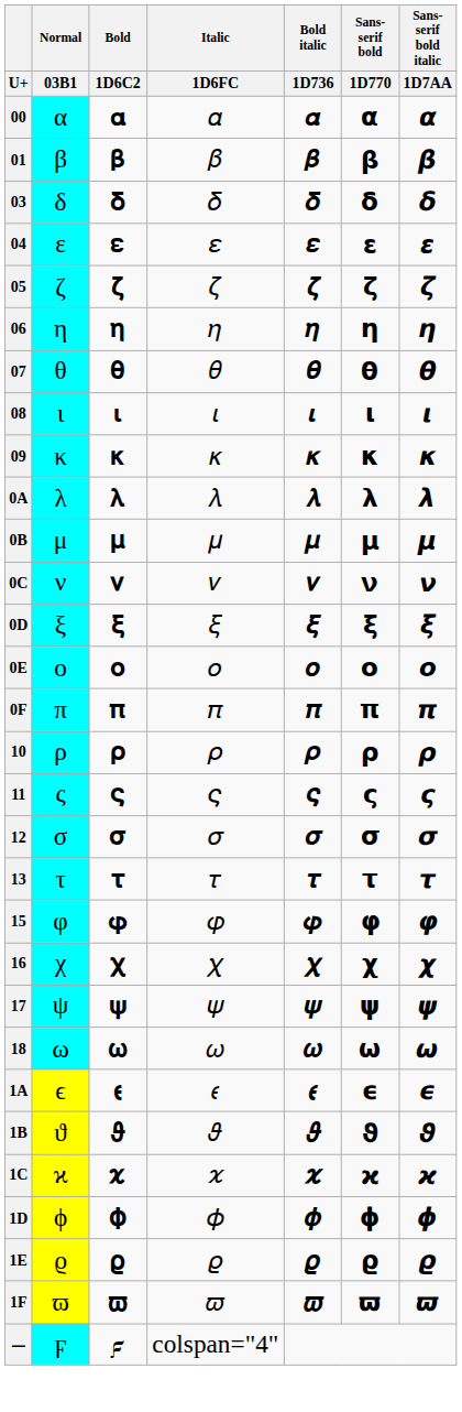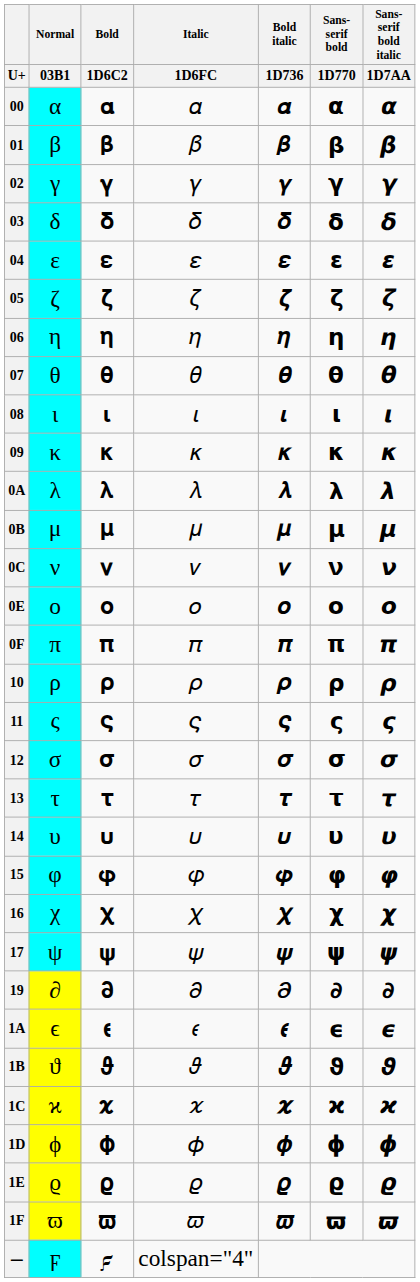 <table class="wikitable" style="text-align: center; font-size: 160%;">
 <tr style="font-size: 50%">
 <th></th>
 <th style="width:4em">Normal</th>
 <th style="width:4em">Bold</th>
 <th style="width:4em">Italic</th>
 <th style="width:4em">Bold<br>italic</th>
 <th style="width:4em">Sans-<br>serif<br>bold</th>
 <th style="width:4em">Sans-<br>serif<br>bold<br>italic</th>
 </tr>
 <tr style="font-size: 60%">
 <th>U+</th>
 <th>03B1</th>
 <th>1D6C2</th>
 <th>1D6FC</th>
 <th>1D736</th>
 <th>1D770</th>
 <th>1D7AA</th>
 </tr>
 <tr>
 <th style="font-size:60%;">00</th>
 <td style="font-family:serif; background:aqua" title="U+03B1: GREEK SMALL LETTER ALPHA">α</td>
 <td title="U+1D6C2: MATHEMATICAL BOLD SMALL ALPHA">𝛂</td>
 <td title="U+1D6FC: MATHEMATICAL ITALIC SMALL ALPHA">𝛼</td>
 <td title="U+1D736: MATHEMATICAL BOLD ITALIC SMALL ALPHA">𝜶</td>
 <td title="U+1D770: MATHEMATICAL SANS-SERIF BOLD SMALL ALPHA">𝝰</td>
 <td title="U+1D7AA: MATHEMATICAL SANS-SERIF BOLD ITALIC SMALL ALPHA">𝞪</td>
 </tr>
 <tr>
 <th style="font-size:60%;">01</th>
 <td style="font-family:serif; background:aqua" title="U+03B2: GREEK SMALL LETTER BETA">β</td>
 <td title="U+1D6C3: MATHEMATICAL BOLD SMALL BETA">𝛃</td>
 <td title="U+1D6FD: MATHEMATICAL ITALIC SMALL BETA">𝛽</td>
 <td title="U+1D737: MATHEMATICAL BOLD ITALIC SMALL BETA">𝜷</td>
 <td title="U+1D771: MATHEMATICAL SANS-SERIF BOLD SMALL BETA">𝝱</td>
 <td title="U+1D7AB: MATHEMATICAL SANS-SERIF BOLD ITALIC SMALL BETA">𝞫</td>
+</tr>
+<tr>
+<th style="font-size:60%;">02</th>
+<td style="font-family:serif; background:aqua" title="U+03B3: GREEK SMALL LETTER GAMMA">γ</td>
+<td title="U+1D6C4: MATHEMATICAL BOLD SMALL GAMMA">𝛄</td>
+<td title="U+1D6FE: MATHEMATICAL ITALIC SMALL GAMMA">𝛾</td>
+<td title="U+1D738: MATHEMATICAL BOLD ITALIC SMALL GAMMA">𝜸</td>
+<td title="U+1D772: MATHEMATICAL SANS-SERIF BOLD SMALL GAMMA">𝝲</td>
+<td title="U+1D7AC: MATHEMATICAL SANS-SERIF BOLD ITALIC SMALL GAMMA">𝞬</td>
 </tr>
 <tr>
 <th style="font-size:60%;">03</th>
 <td style="font-family:serif; background:aqua" title="U+03B4: GREEK SMALL LETTER DELTA">δ</td>
 <td title="U+1D6C5: MATHEMATICAL BOLD SMALL DELTA">𝛅</td>
 <td title="U+1D6FF: MATHEMATICAL ITALIC SMALL DELTA">𝛿</td>
 <td title="U+1D739: MATHEMATICAL BOLD ITALIC SMALL DELTA">𝜹</td>
 <td title="U+1D773: MATHEMATICAL SANS-SERIF BOLD SMALL DELTA">𝝳</td>
 <td title="U+1D7AD: MATHEMATICAL SANS-SERIF BOLD ITALIC SMALL DELTA">𝞭</td>
 </tr>
 <tr>
 <th style="font-size:60%;">04</th>
 <td style="font-family:serif; background:aqua" title="U+03B5: GREEK SMALL LETTER EPSILON">ε</td>
 <td title="U+1D6C6: MATHEMATICAL BOLD SMALL EPSILON">𝛆</td>
 <td title="U+1D700: MATHEMATICAL ITALIC SMALL EPSILON">𝜀</td>
 <td title="U+1D73A: MATHEMATICAL BOLD ITALIC SMALL EPSILON">𝜺</td>
 <td title="U+1D774: MATHEMATICAL SANS-SERIF BOLD SMALL EPSILON">𝝴</td>
 <td title="U+1D7AE: MATHEMATICAL SANS-SERIF BOLD ITALIC SMALL EPSILON">𝞮</td>
 </tr>
 <tr>
 <th style="font-size:60%;">05</th>
 <td style="font-family:serif; background:aqua" title="U+03B6: GREEK SMALL LETTER ZETA">ζ</td>
 <td title="U+1D6C7: MATHEMATICAL BOLD SMALL ZETA">𝛇</td>
 <td title="U+1D701: MATHEMATICAL ITALIC SMALL ZETA">𝜁</td>
 <td title="U+1D73B: MATHEMATICAL BOLD ITALIC SMALL ZETA">𝜻</td>
 <td title="U+1D775: MATHEMATICAL SANS-SERIF BOLD SMALL ZETA">𝝵</td>
 <td title="U+1D7AF: MATHEMATICAL SANS-SERIF BOLD ITALIC SMALL ZETA">𝞯</td>
 </tr>
 <tr>
 <th style="font-size:60%;">06</th>
 <td style="font-family:serif; background:aqua" title="U+03B7: GREEK SMALL LETTER ETA">η</td>
 <td title="U+1D6C8: MATHEMATICAL BOLD SMALL ETA">𝛈</td>
 <td title="U+1D702: MATHEMATICAL ITALIC SMALL ETA">𝜂</td>
 <td title="U+1D73C: MATHEMATICAL BOLD ITALIC SMALL ETA">𝜼</td>
 <td title="U+1D776: MATHEMATICAL SANS-SERIF BOLD SMALL ETA">𝝶</td>
 <td title="U+1D7B0: MATHEMATICAL SANS-SERIF BOLD ITALIC SMALL ETA">𝞰</td>
 </tr>
 <tr>
 <th style="font-size:60%;">07</th>
 <td style="font-family:serif; background:aqua" title="U+03B8: GREEK SMALL LETTER THETA">θ</td>
 <td title="U+1D6C9: MATHEMATICAL BOLD SMALL THETA">𝛉</td>
 <td title="U+1D703: MATHEMATICAL ITALIC SMALL THETA">𝜃</td>
 <td title="U+1D73D: MATHEMATICAL BOLD ITALIC SMALL THETA">𝜽</td>
 <td title="U+1D777: MATHEMATICAL SANS-SERIF BOLD SMALL THETA">𝝷</td>
 <td title="U+1D7B1: MATHEMATICAL SANS-SERIF BOLD ITALIC SMALL THETA">𝞱</td>
 </tr>
 <tr>
 <th style="font-size:60%;">08</th>
 <td style="font-family:serif; background:aqua" title="U+03B9: GREEK SMALL LETTER IOTA">ι</td>
 <td title="U+1D6CA: MATHEMATICAL BOLD SMALL IOTA">𝛊</td>
 <td title="U+1D704: MATHEMATICAL ITALIC SMALL IOTA">𝜄</td>
 <td title="U+1D73E: MATHEMATICAL BOLD ITALIC SMALL IOTA">𝜾</td>
 <td title="U+1D778: MATHEMATICAL SANS-SERIF BOLD SMALL IOTA">𝝸</td>
 <td title="U+1D7B2: MATHEMATICAL SANS-SERIF BOLD ITALIC SMALL IOTA">𝞲</td>
 </tr>
 <tr>
 <th style="font-size:60%;">09</th>
 <td style="font-family:serif; background:aqua" title="U+03BA: GREEK SMALL LETTER KAPPA">κ</td>
 <td title="U+1D6CB: MATHEMATICAL BOLD SMALL KAPPA">𝛋</td>
 <td title="U+1D705: MATHEMATICAL ITALIC SMALL KAPPA">𝜅</td>
 <td title="U+1D73F: MATHEMATICAL BOLD ITALIC SMALL KAPPA">𝜿</td>
 <td title="U+1D779: MATHEMATICAL SANS-SERIF BOLD SMALL KAPPA">𝝹</td>
 <td title="U+1D7B3: MATHEMATICAL SANS-SERIF BOLD ITALIC SMALL KAPPA">𝞳</td>
 </tr>
 <tr>
 <th style="font-size:60%;">0A</th>
 <td style="font-family:serif; background:aqua" title="U+03BB: GREEK SMALL LETTER LAMDA">λ</td>
 <td title="U+1D6CC: MATHEMATICAL BOLD SMALL LAMDA">𝛌</td>
 <td title="U+1D706: MATHEMATICAL ITALIC SMALL LAMDA">𝜆</td>
 <td title="U+1D740: MATHEMATICAL BOLD ITALIC SMALL LAMDA">𝝀</td>
 <td title="U+1D77A: MATHEMATICAL SANS-SERIF BOLD SMALL LAMDA">𝝺</td>
 <td title="U+1D7B4: MATHEMATICAL SANS-SERIF BOLD ITALIC SMALL LAMDA">𝞴</td>
 </tr>
 <tr>
 <th style="font-size:60%;">0B</th>
 <td style="font-family:serif; background:aqua" title="U+03BC: GREEK SMALL LETTER MU">μ</td>
 <td title="U+1D6CD: MATHEMATICAL BOLD SMALL MU">𝛍</td>
 <td title="U+1D707: MATHEMATICAL ITALIC SMALL MU">𝜇</td>
 <td title="U+1D741: MATHEMATICAL BOLD ITALIC SMALL MU">𝝁</td>
 <td title="U+1D77B: MATHEMATICAL SANS-SERIF BOLD SMALL MU">𝝻</td>
 <td title="U+1D7B5: MATHEMATICAL SANS-SERIF BOLD ITALIC SMALL MU">𝞵</td>
 </tr>
 <tr>
 <th style="font-size:60%;">0C</th>
 <td style="font-family:serif; background:aqua" title="U+03BD: GREEK SMALL LETTER NU">ν</td>
 <td title="U+1D6CE: MATHEMATICAL BOLD SMALL NU">𝛎</td>
 <td title="U+1D708: MATHEMATICAL ITALIC SMALL NU">𝜈</td>
 <td title="U+1D742: MATHEMATICAL BOLD ITALIC SMALL NU">𝝂</td>
 <td title="U+1D77C: MATHEMATICAL SANS-SERIF BOLD SMALL NU">𝝼</td>
 <td title="U+1D7B6: MATHEMATICAL SANS-SERIF BOLD ITALIC SMALL NU">𝞶</td>
 </tr>
 <tr>
-<th style="font-size:60%;">0D</th>
-<td style="font-family:serif; background:aqua" title="U+03BE: GREEK SMALL LETTER XI">ξ</td>
-<td title="U+1D6CF: MATHEMATICAL BOLD SMALL XI">𝛏</td>
-<td title="U+1D709: MATHEMATICAL ITALIC SMALL XI">𝜉</td>
-<td title="U+1D743: MATHEMATICAL BOLD ITALIC SMALL XI">𝝃</td>
-<td title="U+1D77D: MATHEMATICAL SANS-SERIF BOLD SMALL XI">𝝽</td>
-<td title="U+1D7B7: MATHEMATICAL SANS-SERIF BOLD ITALIC SMALL XI">𝞷</td>
-</tr>
-<tr>
 <th style="font-size:60%;">0E</th>
 <td style="font-family:serif; background:aqua" title="U+03BF: GREEK SMALL LETTER OMICRON">ο</td>
 <td title="U+1D6D0: MATHEMATICAL BOLD SMALL OMICRON">𝛐</td>
 <td title="U+1D70A: MATHEMATICAL ITALIC SMALL OMICRON">𝜊</td>
 <td title="U+1D744: MATHEMATICAL BOLD ITALIC SMALL OMICRON">𝝄</td>
 <td title="U+1D77E: MATHEMATICAL SANS-SERIF BOLD SMALL OMICRON">𝝾</td>
 <td title="U+1D7B8: MATHEMATICAL SANS-SERIF BOLD ITALIC SMALL OMICRON">𝞸</td>
 </tr>
 <tr>
 <th style="font-size:60%;">0F</th>
 <td style="font-family:serif; background:aqua" title="U+03C0: GREEK SMALL LETTER PI">π</td>
 <td title="U+1D6D1: MATHEMATICAL BOLD SMALL PI">𝛑</td>
 <td title="U+1D70B: MATHEMATICAL ITALIC SMALL PI">𝜋</td>
 <td title="U+1D745: MATHEMATICAL BOLD ITALIC SMALL PI">𝝅</td>
 <td title="U+1D77F: MATHEMATICAL SANS-SERIF BOLD SMALL PI">𝝿</td>
 <td title="U+1D7B9: MATHEMATICAL SANS-SERIF BOLD ITALIC SMALL PI">𝞹</td>
 </tr>
 <tr>
 <th style="font-size:60%;">10</th>
 <td style="font-family:serif; background:aqua" title="U+03C1: GREEK SMALL LETTER RHO">ρ</td>
 <td title="U+1D6D2: MATHEMATICAL BOLD SMALL RHO">𝛒</td>
 <td title="U+1D70C: MATHEMATICAL ITALIC SMALL RHO">𝜌</td>
 <td title="U+1D746: MATHEMATICAL BOLD ITALIC SMALL RHO">𝝆</td>
 <td title="U+1D780: MATHEMATICAL SANS-SERIF BOLD SMALL RHO">𝞀</td>
 <td title="U+1D7BA: MATHEMATICAL SANS-SERIF BOLD ITALIC SMALL RHO">𝞺</td>
 </tr>
 <tr>
 <th style="font-size:60%;">11</th>
 <td style="font-family:serif; background:aqua" title="U+03C2: GREEK SMALL LETTER FINAL SIGMA">ς</td>
 <td title="U+1D6D3: MATHEMATICAL BOLD SMALL FINAL SIGMA">𝛓</td>
 <td title="U+1D70D: MATHEMATICAL ITALIC SMALL FINAL SIGMA">𝜍</td>
 <td title="U+1D747: MATHEMATICAL BOLD ITALIC SMALL FINAL SIGMA">𝝇</td>
 <td title="U+1D781: MATHEMATICAL SANS-SERIF BOLD SMALL FINAL SIGMA">𝞁</td>
 <td title="U+1D7BB: MATHEMATICAL SANS-SERIF BOLD ITALIC SMALL FINAL SIGMA">𝞻</td>
 </tr>
 <tr>
 <th style="font-size:60%;">12</th>
 <td style="font-family:serif; background:aqua" title="U+03C3: GREEK SMALL LETTER SIGMA">σ</td>
 <td title="U+1D6D4: MATHEMATICAL BOLD SMALL SIGMA">𝛔</td>
 <td title="U+1D70E: MATHEMATICAL ITALIC SMALL SIGMA">𝜎</td>
 <td title="U+1D748: MATHEMATICAL BOLD ITALIC SMALL SIGMA">𝝈</td>
 <td title="U+1D782: MATHEMATICAL SANS-SERIF BOLD SMALL SIGMA">𝞂</td>
 <td title="U+1D7BC: MATHEMATICAL SANS-SERIF BOLD ITALIC SMALL SIGMA">𝞼</td>
 </tr>
 <tr>
 <th style="font-size:60%;">13</th>
 <td style="font-family:serif; background:aqua" title="U+03C4: GREEK SMALL LETTER TAU">τ</td>
 <td title="U+1D6D5: MATHEMATICAL BOLD SMALL TAU">𝛕</td>
 <td title="U+1D70F: MATHEMATICAL ITALIC SMALL TAU">𝜏</td>
 <td title="U+1D749: MATHEMATICAL BOLD ITALIC SMALL TAU">𝝉</td>
 <td title="U+1D783: MATHEMATICAL SANS-SERIF BOLD SMALL TAU">𝞃</td>
 <td title="U+1D7BD: MATHEMATICAL SANS-SERIF BOLD ITALIC SMALL TAU">𝞽</td>
 </tr>
 <tr>
+<th style="font-size:60%;">14</th>
+<td style="font-family:serif; background:aqua" title="U+03C5: GREEK SMALL LETTER UPSILON">υ</td>
+<td title="U+1D6D6: MATHEMATICAL BOLD SMALL UPSILON">𝛖</td>
+<td title="U+1D710: MATHEMATICAL ITALIC SMALL UPSILON">𝜐</td>
+<td title="U+1D74A: MATHEMATICAL BOLD ITALIC SMALL UPSILON">𝝊</td>
+<td title="U+1D784: MATHEMATICAL SANS-SERIF BOLD SMALL UPSILON">𝞄</td>
+<td title="U+1D7BE: MATHEMATICAL SANS-SERIF BOLD ITALIC SMALL UPSILON">𝞾</td>
+</tr>
+<tr>
 <th style="font-size:60%;">15</th>
 <td style="font-family:serif; background:aqua" title="U+03C6: GREEK SMALL LETTER PHI">φ</td>
 <td title="U+1D6D7: MATHEMATICAL BOLD SMALL PHI">𝛗</td>
 <td title="U+1D711: MATHEMATICAL ITALIC SMALL PHI">𝜑</td>
 <td title="U+1D74B: MATHEMATICAL BOLD ITALIC SMALL PHI">𝝋</td>
 <td title="U+1D785: MATHEMATICAL SANS-SERIF BOLD SMALL PHI">𝞅</td>
 <td title="U+1D7BF: MATHEMATICAL SANS-SERIF BOLD ITALIC SMALL PHI">𝞿</td>
 </tr>
 <tr>
 <th style="font-size:60%;">16</th>
 <td style="font-family:serif; background:aqua" title="U+03C7: GREEK SMALL LETTER CHI">χ</td>
 <td title="U+1D6D8: MATHEMATICAL BOLD SMALL CHI">𝛘</td>
 <td title="U+1D712: MATHEMATICAL ITALIC SMALL CHI">𝜒</td>
 <td title="U+1D74C: MATHEMATICAL BOLD ITALIC SMALL CHI">𝝌</td>
 <td title="U+1D786: MATHEMATICAL SANS-SERIF BOLD SMALL CHI">𝞆</td>
 <td title="U+1D7C0: MATHEMATICAL SANS-SERIF BOLD ITALIC SMALL CHI">𝟀</td>
 </tr>
 <tr>
 <th style="font-size:60%;">17</th>
 <td style="font-family:serif; background:aqua" title="U+03C8: GREEK SMALL LETTER PSI">ψ</td>
 <td title="U+1D6D9: MATHEMATICAL BOLD SMALL PSI">𝛙</td>
 <td title="U+1D713: MATHEMATICAL ITALIC SMALL PSI">𝜓</td>
 <td title="U+1D74D: MATHEMATICAL BOLD ITALIC SMALL PSI">𝝍</td>
 <td title="U+1D787: MATHEMATICAL SANS-SERIF BOLD SMALL PSI">𝞇</td>
 <td title="U+1D7C1: MATHEMATICAL SANS-SERIF BOLD ITALIC SMALL PSI">𝟁</td>
 </tr>
 <tr>
-<th style="font-size:60%;">18</th>
-<td style="font-family:serif; background:aqua" title="U+03C9: GREEK SMALL LETTER OMEGA">ω</td>
-<td title="U+1D6DA: MATHEMATICAL BOLD SMALL OMEGA">𝛚</td>
-<td title="U+1D714: MATHEMATICAL ITALIC SMALL OMEGA">𝜔</td>
-<td title="U+1D74E: MATHEMATICAL BOLD ITALIC SMALL OMEGA">𝝎</td>
-<td title="U+1D788: MATHEMATICAL SANS-SERIF BOLD SMALL OMEGA">𝞈</td>
-<td title="U+1D7C2: MATHEMATICAL SANS-SERIF BOLD ITALIC SMALL OMEGA">𝟂</td>
+<th style="font-size:60%;">19</th>
+<td style="font-family:serif; background:yellow" title="U+2202: PARTIAL DIFFERENTIAL">∂</td>
+<td title="U+1D6DB: MATHEMATICAL BOLD PARTIAL DIFFERENTIAL">𝛛</td>
+<td title="U+1D715: MATHEMATICAL ITALIC PARTIAL DIFFERENTIAL">𝜕</td>
+<td title="U+1D74F: MATHEMATICAL BOLD ITALIC PARTIAL DIFFERENTIAL">𝝏</td>
+<td title="U+1D789: MATHEMATICAL SANS-SERIF BOLD PARTIAL DIFFERENTIAL">𝞉</td>
+<td title="U+1D7C3: MATHEMATICAL SANS-SERIF BOLD ITALIC PARTIAL DIFFERENTIAL">𝟃</td>
 </tr>
 <tr>
 <th style="font-size:60%;">1A</th>
 <td style="font-family:serif; background:yellow" title="U+03F5: GREEK LUNATE EPSILON SYMBOL">ϵ</td>
 <td title="U+1D6DC: MATHEMATICAL BOLD EPSILON SYMBOL">𝛜</td>
 <td title="U+1D716: MATHEMATICAL ITALIC EPSILON SYMBOL">𝜖</td>
 <td title="U+1D750: MATHEMATICAL BOLD ITALIC EPSILON SYMBOL">𝝐</td>
 <td title="U+1D78A: MATHEMATICAL SANS-SERIF BOLD EPSILON SYMBOL">𝞊</td>
 <td title="U+1D7C4: MATHEMATICAL SANS-SERIF BOLD ITALIC EPSILON SYMBOL">𝟄</td>
 </tr>
 <tr>
 <th style="font-size:60%;">1B</th>
 <td style="font-family:serif; background:yellow" title="U+03D1: GREEK THETA SYMBOL">ϑ</td>
 <td title="U+1D6DD: MATHEMATICAL BOLD THETA SYMBOL">𝛝</td>
 <td title="U+1D717: MATHEMATICAL ITALIC THETA SYMBOL">𝜗</td>
 <td title="U+1D751: MATHEMATICAL BOLD ITALIC THETA SYMBOL">𝝑</td>
 <td title="U+1D78B: MATHEMATICAL SANS-SERIF BOLD THETA SYMBOL">𝞋</td>
 <td title="U+1D7C5: MATHEMATICAL SANS-SERIF BOLD ITALIC THETA SYMBOL">𝟅</td>
 </tr>
 <tr>
 <th style="font-size:60%;">1C</th>
 <td style="font-family:serif; background:yellow" title="U+03F0: GREEK KAPPA SYMBOL">ϰ</td>
 <td title="U+1D6DE: MATHEMATICAL BOLD KAPPA SYMBOL">𝛞</td>
 <td title="U+1D718: MATHEMATICAL ITALIC KAPPA SYMBOL">𝜘</td>
 <td title="U+1D752: MATHEMATICAL BOLD ITALIC KAPPA SYMBOL">𝝒</td>
 <td title="U+1D78C: MATHEMATICAL SANS-SERIF BOLD KAPPA SYMBOL">𝞌</td>
 <td title="U+1D7C6: MATHEMATICAL SANS-SERIF BOLD ITALIC KAPPA SYMBOL">𝟆</td>
 </tr>
 <tr>
 <th style="font-size:60%;">1D</th>
 <td style="font-family:serif; background:yellow" title="U+03D5: GREEK PHI SYMBOL">ϕ</td>
 <td title="U+1D6DF: MATHEMATICAL BOLD PHI SYMBOL">𝛟</td>
 <td title="U+1D719: MATHEMATICAL ITALIC PHI SYMBOL">𝜙</td>
 <td title="U+1D753: MATHEMATICAL BOLD ITALIC PHI SYMBOL">𝝓</td>
 <td title="U+1D78D: MATHEMATICAL SANS-SERIF BOLD PHI SYMBOL">𝞍</td>
 <td title="U+1D7C7: MATHEMATICAL SANS-SERIF BOLD ITALIC PHI SYMBOL">𝟇</td>
 </tr>
 <tr>
 <th style="font-size:60%;">1E</th>
 <td style="font-family:serif; background:yellow" title="U+03F1: GREEK RHO SYMBOL">ϱ</td>
 <td title="U+1D6E0: MATHEMATICAL BOLD RHO SYMBOL">𝛠</td>
 <td title="U+1D71A: MATHEMATICAL ITALIC RHO SYMBOL">𝜚</td>
 <td title="U+1D754: MATHEMATICAL BOLD ITALIC RHO SYMBOL">𝝔</td>
 <td title="U+1D78E: MATHEMATICAL SANS-SERIF BOLD RHO SYMBOL">𝞎</td>
 <td title="U+1D7C8: MATHEMATICAL SANS-SERIF BOLD ITALIC RHO SYMBOL">𝟈</td>
 </tr>
 <tr>
 <th style="font-size:60%;">1F</th>
 <td style="font-family:serif; background:yellow" title="U+03D6: GREEK PI SYMBOL">ϖ</td>
 <td title="U+1D6E1: MATHEMATICAL BOLD PI SYMBOL">𝛡</td>
 <td title="U+1D71B: MATHEMATICAL ITALIC PI SYMBOL">𝜛</td>
 <td title="U+1D755: MATHEMATICAL BOLD ITALIC PI SYMBOL">𝝕</td>
 <td title="U+1D78F: MATHEMATICAL SANS-SERIF BOLD PI SYMBOL">𝞏</td>
 <td title="U+1D7C9: MATHEMATICAL SANS-SERIF BOLD ITALIC PI SYMBOL">𝟉</td>
 </tr>
 <tr>
 <th>–</th>
 <td style="font-family:serif; background:aqua" title="U+03DD: GREEK SMALL LETTER DIGAMMA">ϝ</td>
 <td title="U+1D7CB: MATHEMATICAL BOLD SMALL DIGAMMA">𝟋</td>
 <td>colspan="4" </td>
 </tr>
 </table>
